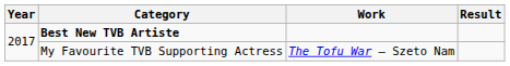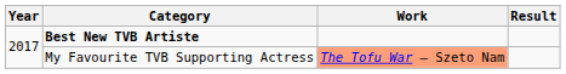 <table class="wikitable sortable">
 <tr>
 <th>Year</th>
 <th>Category</th>
 <th>Work</th>
 <th>Result</th>
 </tr>
 <tr>
 <td rowspan=2>2017</td>
 <td><strong> Best New TVB Artiste </strong></td>
 <td></td>
 <td></td>
 </tr>
 <tr>
 <td>My Favourite TVB Supporting Actress</td>
-<td><em><a href='#'>The Tofu War</a></em> — Szeto Nam</td>
+<td style="background: lightsalmon;"><em><a href='#'>The Tofu War</a></em> — Szeto Nam</td>
 <td></td>
 </tr>
 </table>
